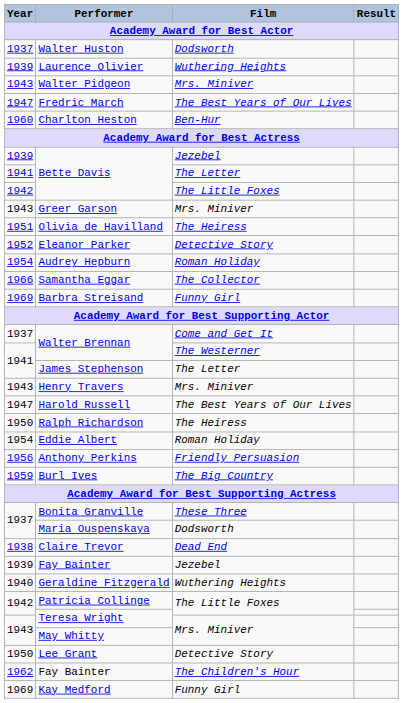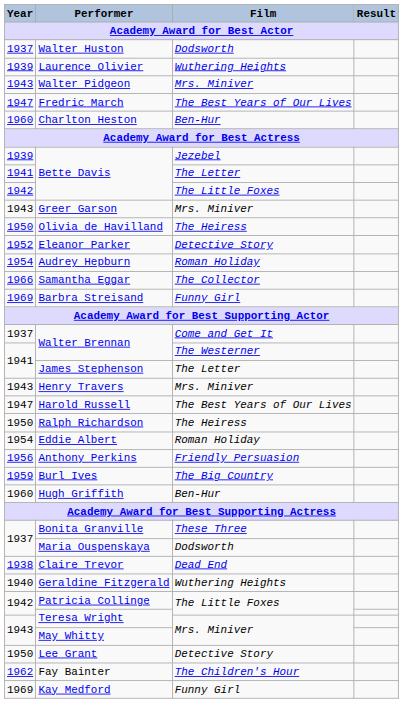 <table class="wikitable">
 <tr style="text-align:center;">
 <th style="background-color:#B0C4DE">Year</th>
 <th style="background-color:#B0C4DE">Performer</th>
 <th style="background-color:#B0C4DE">Film</th>
 <th style="background-color:#B0C4DE">Result</th>
 </tr>
 <tr>
 <td colspan="4" style="background-color:#dddafe; text-align:center;"><strong><a href='#'>Academy Award for Best Actor</a></strong></td>
 </tr>
 <tr>
 <td><a href='#'>1937</a></td>
 <td><a href='#'>Walter Huston</a></td>
 <td><em><a href='#'>Dodsworth</a></em></td>
 <td></td>
 </tr>
 <tr>
 <td><a href='#'>1939</a></td>
 <td><a href='#'>Laurence Olivier</a></td>
 <td><em><a href='#'>Wuthering Heights</a></em></td>
 <td></td>
 </tr>
 <tr>
 <td><a href='#'>1943</a></td>
 <td><a href='#'>Walter Pidgeon</a></td>
 <td><em><a href='#'>Mrs. Miniver</a></em></td>
 <td></td>
 </tr>
 <tr>
 <td><a href='#'>1947</a></td>
 <td><a href='#'>Fredric March</a></td>
 <td><em><a href='#'>The Best Years of Our Lives</a></em></td>
 <td></td>
 </tr>
 <tr>
 <td><a href='#'>1960</a></td>
 <td><a href='#'>Charlton Heston</a></td>
 <td><em><a href='#'>Ben-Hur</a></em></td>
 <td></td>
 </tr>
 <tr>
 <td colspan="4" style="background-color:#dddafe; text-align:center;"><strong><a href='#'>Academy Award for Best Actress</a></strong></td>
 </tr>
 <tr>
 <td><a href='#'>1939</a></td>
 <td rowspan="3"><a href='#'>Bette Davis</a></td>
 <td><em><a href='#'>Jezebel</a></em></td>
 <td></td>
 </tr>
 <tr>
 <td><a href='#'>1941</a></td>
 <td><em><a href='#'>The Letter</a></em></td>
 <td></td>
 </tr>
 <tr>
 <td><a href='#'>1942</a></td>
 <td><em><a href='#'>The Little Foxes</a></em></td>
 <td></td>
 </tr>
 <tr>
 <td>1943</td>
 <td><a href='#'>Greer Garson</a></td>
 <td><em>Mrs. Miniver</em></td>
 <td></td>
 </tr>
 <tr>
-<td><a href='#'>1951</a></td>
+<td><a href='#'>1950</a></td>
 <td><a href='#'>Olivia de Havilland</a></td>
 <td><em><a href='#'>The Heiress</a></em></td>
 <td></td>
 </tr>
 <tr>
 <td><a href='#'>1952</a></td>
 <td><a href='#'>Eleanor Parker</a></td>
 <td><em><a href='#'>Detective Story</a></em></td>
 <td></td>
 </tr>
 <tr>
 <td><a href='#'>1954</a></td>
 <td><a href='#'>Audrey Hepburn</a></td>
 <td><em><a href='#'>Roman Holiday</a></em></td>
 <td></td>
 </tr>
 <tr>
 <td><a href='#'>1966</a></td>
 <td><a href='#'>Samantha Eggar</a></td>
 <td><em><a href='#'>The Collector</a></em></td>
 <td></td>
 </tr>
 <tr>
 <td><a href='#'>1969</a></td>
 <td><a href='#'>Barbra Streisand</a></td>
 <td><em><a href='#'>Funny Girl</a></em></td>
 <td></td>
 </tr>
 <tr>
 <td colspan="4" style="background-color:#dddafe; text-align:center;"><strong><a href='#'>Academy Award for Best Supporting Actor</a></strong></td>
 </tr>
 <tr>
 <td>1937</td>
 <td rowspan="2"><a href='#'>Walter Brennan</a></td>
 <td><em><a href='#'>Come and Get It</a></em></td>
 <td></td>
 </tr>
 <tr>
 <td rowspan="2">1941</td>
 <td><em><a href='#'>The Westerner</a></em></td>
 <td></td>
 </tr>
 <tr>
 <td><a href='#'>James Stephenson</a></td>
 <td><em>The Letter</em></td>
 <td></td>
 </tr>
 <tr>
 <td>1943</td>
 <td><a href='#'>Henry Travers</a></td>
 <td><em>Mrs. Miniver</em></td>
 <td></td>
 </tr>
 <tr>
 <td>1947</td>
 <td><a href='#'>Harold Russell</a></td>
 <td><em>The Best Years of Our Lives</em></td>
 <td></td>
 </tr>
 <tr>
 <td>1950</td>
 <td><a href='#'>Ralph Richardson</a></td>
 <td><em>The Heiress</em></td>
 <td></td>
 </tr>
 <tr>
 <td>1954</td>
 <td><a href='#'>Eddie Albert</a></td>
 <td><em>Roman Holiday</em></td>
 <td></td>
 </tr>
 <tr>
 <td><a href='#'>1956</a></td>
 <td><a href='#'>Anthony Perkins</a></td>
 <td><em><a href='#'>Friendly Persuasion</a></em></td>
 <td></td>
 </tr>
 <tr>
 <td><a href='#'>1959</a></td>
 <td><a href='#'>Burl Ives</a></td>
 <td><em><a href='#'>The Big Country</a></em></td>
 <td></td>
 </tr>
 <tr>
+<td>1960</td>
+<td><a href='#'>Hugh Griffith</a></td>
+<td><em>Ben-Hur</em></td>
+<td></td>
+</tr>
+<tr>
 <td colspan="4" style="background-color:#dddafe; text-align:center;"><strong><a href='#'>Academy Award for Best Supporting Actress</a></strong></td>
 </tr>
 <tr>
 <td rowspan="2">1937</td>
 <td><a href='#'>Bonita Granville</a></td>
 <td><em><a href='#'>These Three</a></em></td>
 <td></td>
 </tr>
 <tr>
 <td><a href='#'>Maria Ouspenskaya</a></td>
 <td><em>Dodsworth</em></td>
 <td></td>
 </tr>
 <tr>
 <td><a href='#'>1938</a></td>
 <td><a href='#'>Claire Trevor</a></td>
 <td><em><a href='#'>Dead End</a></em></td>
-<td></td>
-</tr>
-<tr>
-<td>1939</td>
-<td><a href='#'>Fay Bainter</a></td>
-<td><em>Jezebel</em></td>
 <td></td>
 </tr>
 <tr>
 <td>1940</td>
 <td><a href='#'>Geraldine Fitzgerald</a></td>
 <td><em>Wuthering Heights</em></td>
 <td></td>
 </tr>
 <tr>
 <td rowspan="2">1942</td>
 <td><a href='#'>Patricia Collinge</a></td>
 <td rowspan="2"><em>The Little Foxes</em></td>
 <td></td>
 </tr>
 <tr>
 <td rowspan="2"><a href='#'>Teresa Wright</a></td>
 <td></td>
 </tr>
 <tr>
 <td rowspan="2">1943</td>
 <td rowspan="2"><em>Mrs. Miniver</em></td>
 <td></td>
 </tr>
 <tr>
 <td><a href='#'>May Whitty</a></td>
 <td></td>
 </tr>
 <tr>
 <td>1950</td>
 <td><a href='#'>Lee Grant</a></td>
 <td><em>Detective Story</em></td>
 <td></td>
 </tr>
 <tr>
 <td><a href='#'>1962</a></td>
 <td>Fay Bainter</td>
 <td><em><a href='#'>The Children's Hour</a></em></td>
 <td></td>
 </tr>
 <tr>
 <td>1969</td>
 <td><a href='#'>Kay Medford</a></td>
 <td><em>Funny Girl</em></td>
 <td></td>
 </tr>
 </table>
